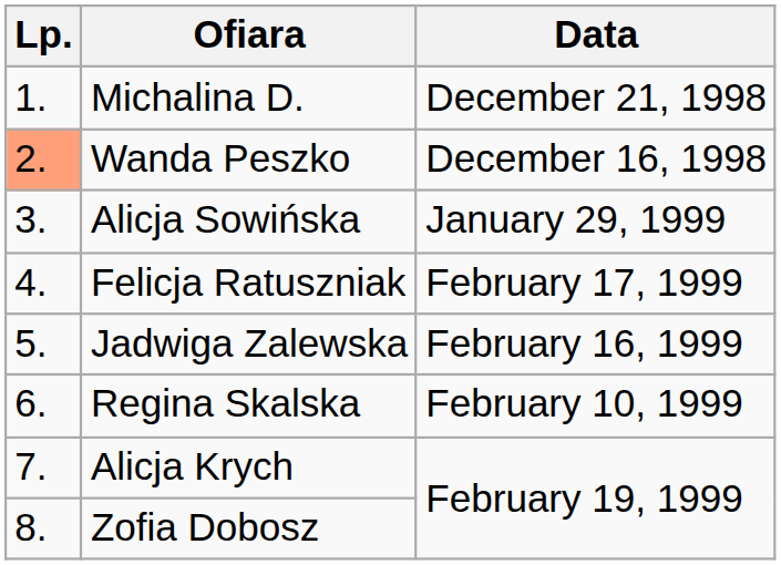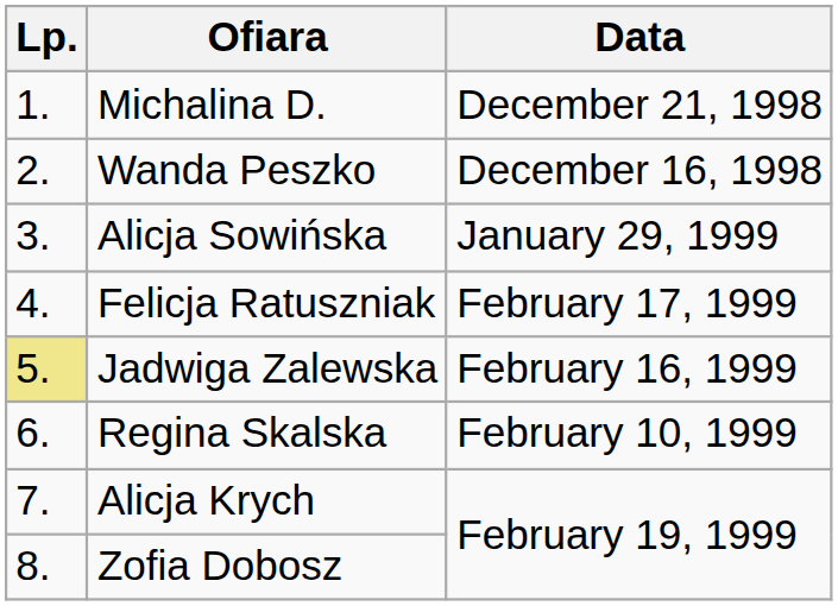 <table class="wikitable sortable">
 <tr>
 <th>Lp.</th>
 <th>Ofiara</th>
 <th>Data</th>
 </tr>
 <tr>
 <td>1.</td>
 <td>Michalina D.</td>
 <td>December 21, 1998</td>
 </tr>
 <tr>
-<td style="background: lightsalmon;">2.</td>
+<td>2.</td>
 <td>Wanda Peszko</td>
 <td>December 16, 1998</td>
 </tr>
 <tr>
 <td>3.</td>
 <td>Alicja Sowińska</td>
 <td>January 29, 1999</td>
 </tr>
 <tr>
 <td>4.</td>
 <td>Felicja Ratuszniak</td>
 <td>February 17, 1999</td>
 </tr>
 <tr>
-<td>5.</td>
+<td style="background: khaki;">5.</td>
 <td>Jadwiga Zalewska</td>
 <td>February 16, 1999</td>
 </tr>
 <tr>
 <td>6.</td>
 <td>Regina Skalska</td>
 <td>February 10, 1999</td>
 </tr>
 <tr>
 <td>7.</td>
 <td>Alicja Krych</td>
 <td rowspan="2">February 19, 1999</td>
 </tr>
 <tr>
 <td>8.</td>
 <td>Zofia Dobosz</td>
 </tr>
 </table>
